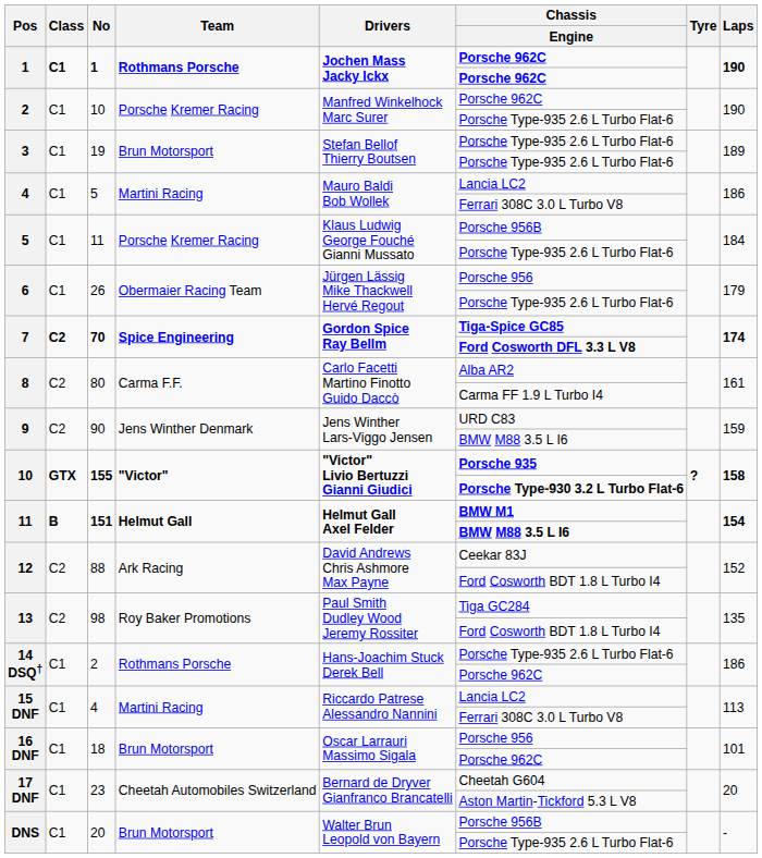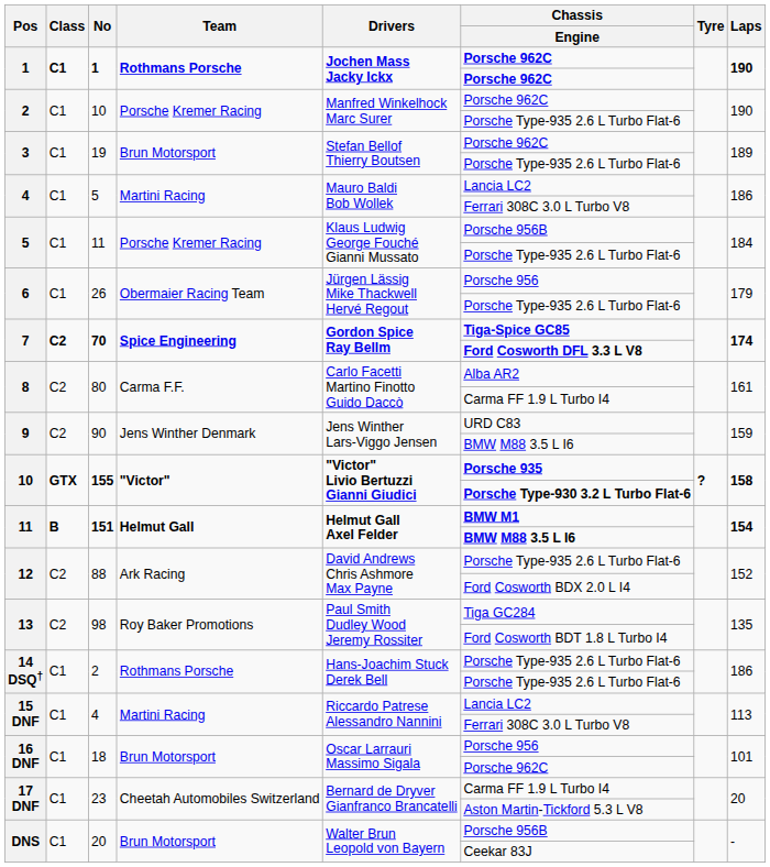 <table class="wikitable" style="font-size: 95%;">
 <tr>
 <th rowspan=2>Pos</th>
 <th rowspan=2>Class</th>
 <th rowspan=2>No</th>
 <th rowspan=2>Team</th>
 <th rowspan=2>Drivers</th>
 <th>Chassis</th>
 <th rowspan=2>Tyre</th>
 <th rowspan=2>Laps</th>
 </tr>
 <tr>
 <th>Engine</th>
 </tr>
 <tr style="font-weight:bold">
 <th rowspan=2>1</th>
 <td rowspan=2>C1</td>
 <td rowspan=2>1</td>
 <td rowspan=2> <a href='#'>Rothmans Porsche</a></td>
 <td rowspan=2> <a href='#'>Jochen Mass</a><br> <a href='#'>Jacky Ickx</a></td>
 <td><a href='#'>Porsche 962C</a></td>
 <td rowspan=2></td>
 <td rowspan=2>190</td>
 </tr>
 <tr style="font-weight:bold">
 <td><a href='#'>Porsche 962C</a></td>
 </tr>
 <tr>
 <th rowspan=2>2</th>
 <td rowspan=2>C1</td>
 <td rowspan=2>10</td>
 <td rowspan=2> <a href='#'>Porsche</a> <a href='#'>Kremer Racing</a></td>
 <td rowspan=2> <a href='#'>Manfred Winkelhock</a><br> <a href='#'>Marc Surer</a></td>
 <td><a href='#'>Porsche 962C</a></td>
 <td rowspan=2></td>
 <td rowspan=2>190</td>
 </tr>
 <tr>
 <td><a href='#'>Porsche</a> Type-935 2.6 L Turbo Flat-6</td>
 </tr>
 <tr>
 <th rowspan=2>3</th>
 <td rowspan=2>C1</td>
 <td rowspan=2>19</td>
 <td rowspan=2> <a href='#'>Brun Motorsport</a></td>
 <td rowspan=2> <a href='#'>Stefan Bellof</a><br> <a href='#'>Thierry Boutsen</a></td>
-<td><a href='#'>Porsche</a> Type-935 2.6 L Turbo Flat-6</td>
+<td><a href='#'>Porsche 962C</a></td>
 <td rowspan=2></td>
 <td rowspan=2>189</td>
 </tr>
 <tr>
 <td><a href='#'>Porsche</a> Type-935 2.6 L Turbo Flat-6</td>
 </tr>
 <tr>
 <th rowspan=2>4</th>
 <td rowspan=2>C1</td>
 <td rowspan=2>5</td>
 <td rowspan=2> <a href='#'>Martini Racing</a></td>
 <td rowspan=2> <a href='#'>Mauro Baldi</a><br> <a href='#'>Bob Wollek</a></td>
 <td><a href='#'>Lancia LC2</a></td>
 <td rowspan=2></td>
 <td rowspan=2>186</td>
 </tr>
 <tr>
 <td><a href='#'>Ferrari</a> 308C 3.0 L Turbo V8</td>
 </tr>
 <tr>
 <th rowspan=2>5</th>
 <td rowspan=2>C1</td>
 <td rowspan=2>11</td>
 <td rowspan=2> <a href='#'>Porsche</a> <a href='#'>Kremer Racing</a></td>
 <td rowspan=2> <a href='#'>Klaus Ludwig</a><br> <a href='#'>George Fouché</a><br> Gianni Mussato</td>
 <td><a href='#'>Porsche 956B</a></td>
 <td rowspan=2></td>
 <td rowspan=2>184</td>
 </tr>
 <tr>
 <td><a href='#'>Porsche</a> Type-935 2.6 L Turbo Flat-6</td>
 </tr>
 <tr>
 <th rowspan=2>6</th>
 <td rowspan=2>C1</td>
 <td rowspan=2>26</td>
 <td rowspan=2> <a href='#'>Obermaier Racing</a> Team</td>
 <td rowspan=2> <a href='#'>Jürgen Lässig</a><br> <a href='#'>Mike Thackwell</a><br> <a href='#'>Hervé Regout</a></td>
 <td><a href='#'>Porsche 956</a></td>
 <td rowspan=2></td>
 <td rowspan=2>179</td>
 </tr>
 <tr>
 <td><a href='#'>Porsche</a> Type-935 2.6 L Turbo Flat-6</td>
 </tr>
 <tr style="font-weight:bold">
 <th rowspan=2>7</th>
 <td rowspan=2>C2</td>
 <td rowspan=2>70</td>
 <td rowspan=2> <a href='#'>Spice Engineering</a></td>
 <td rowspan=2> <a href='#'>Gordon Spice</a><br> <a href='#'>Ray Bellm</a></td>
 <td><a href='#'>Tiga-Spice GC85</a></td>
 <td rowspan=2></td>
 <td rowspan=2>174</td>
 </tr>
 <tr style="font-weight:bold">
 <td><a href='#'>Ford</a> <a href='#'>Cosworth DFL</a> 3.3 L V8</td>
 </tr>
 <tr>
 <th rowspan=2>8</th>
 <td rowspan=2>C2</td>
 <td rowspan=2>80</td>
 <td rowspan=2> Carma F.F.</td>
 <td rowspan=2> <a href='#'>Carlo Facetti</a><br> Martino Finotto<br> <a href='#'>Guido Daccò</a></td>
 <td><a href='#'>Alba AR2</a></td>
 <td rowspan=2></td>
 <td rowspan=2>161</td>
 </tr>
 <tr>
 <td>Carma FF 1.9 L Turbo I4</td>
 </tr>
 <tr>
 <th rowspan=2>9</th>
 <td rowspan=2>C2</td>
 <td rowspan=2>90</td>
 <td rowspan=2> Jens Winther Denmark</td>
 <td rowspan=2> Jens Winther<br> Lars-Viggo Jensen</td>
 <td>URD C83</td>
 <td rowspan=2></td>
 <td rowspan=2>159</td>
 </tr>
 <tr>
 <td><a href='#'>BMW</a> <a href='#'>M88</a> 3.5 L I6</td>
 </tr>
 <tr style="font-weight:bold">
 <th rowspan=2>10</th>
 <td rowspan=2>GTX</td>
 <td rowspan=2>155</td>
 <td rowspan=2> "Victor"</td>
 <td rowspan=2> "Victor"<br> Livio Bertuzzi<br> <a href='#'>Gianni Giudici</a></td>
 <td><a href='#'>Porsche 935</a></td>
 <td rowspan=2>?</td>
 <td rowspan=2>158</td>
 </tr>
 <tr style="font-weight:bold">
 <td><a href='#'>Porsche</a> Type-930 3.2 L Turbo Flat-6</td>
 </tr>
 <tr style="font-weight:bold">
 <th rowspan=2>11</th>
 <td rowspan=2>B</td>
 <td rowspan=2>151</td>
 <td rowspan=2> Helmut Gall</td>
 <td rowspan=2> Helmut Gall<br> Axel Felder</td>
 <td><a href='#'>BMW M1</a></td>
 <td rowspan=2></td>
 <td rowspan=2>154</td>
 </tr>
 <tr style="font-weight:bold">
 <td><a href='#'>BMW</a> <a href='#'>M88</a> 3.5 L I6</td>
 </tr>
 <tr>
 <th rowspan=2>12</th>
 <td rowspan=2>C2</td>
 <td rowspan=2>88</td>
 <td rowspan=2> Ark Racing</td>
 <td rowspan=2> <a href='#'>David Andrews</a><br> Chris Ashmore<br> <a href='#'>Max Payne</a></td>
-<td>Ceekar 83J</td>
+<td><a href='#'>Porsche</a> Type-935 2.6 L Turbo Flat-6</td>
 <td rowspan=2></td>
 <td rowspan=2>152</td>
 </tr>
 <tr>
-<td><a href='#'>Ford</a> <a href='#'>Cosworth</a> BDT 1.8 L Turbo I4</td>
+<td><a href='#'>Ford</a> <a href='#'>Cosworth</a> BDX 2.0 L I4</td>
 </tr>
 <tr>
 <th rowspan=2>13</th>
 <td rowspan=2>C2</td>
 <td rowspan=2>98</td>
 <td rowspan=2> Roy Baker Promotions</td>
 <td rowspan=2> <a href='#'>Paul Smith</a><br> <a href='#'>Dudley Wood</a><br> <a href='#'>Jeremy Rossiter</a></td>
 <td><a href='#'>Tiga GC284</a></td>
 <td rowspan=2></td>
 <td rowspan=2>135</td>
 </tr>
 <tr>
 <td><a href='#'>Ford</a> <a href='#'>Cosworth</a> BDT 1.8 L Turbo I4</td>
 </tr>
 <tr>
 <th rowspan=2>14<br>DSQ<sup>†</sup></th>
 <td rowspan=2>C1</td>
 <td rowspan=2>2</td>
 <td rowspan=2> <a href='#'>Rothmans Porsche</a></td>
 <td rowspan=2> <a href='#'>Hans-Joachim Stuck</a><br> <a href='#'>Derek Bell</a></td>
 <td><a href='#'>Porsche</a> Type-935 2.6 L Turbo Flat-6</td>
 <td rowspan=2></td>
 <td rowspan=2>186</td>
 </tr>
 <tr>
-<td><a href='#'>Porsche 962C</a></td>
+<td><a href='#'>Porsche</a> Type-935 2.6 L Turbo Flat-6</td>
 </tr>
 <tr>
 <th rowspan=2>15<br>DNF</th>
 <td rowspan=2>C1</td>
 <td rowspan=2>4</td>
 <td rowspan=2> <a href='#'>Martini Racing</a></td>
 <td rowspan=2> <a href='#'>Riccardo Patrese</a><br> <a href='#'>Alessandro Nannini</a></td>
 <td><a href='#'>Lancia LC2</a></td>
 <td rowspan=2></td>
 <td rowspan=2>113</td>
 </tr>
 <tr>
 <td><a href='#'>Ferrari</a> 308C 3.0 L Turbo V8</td>
 </tr>
 <tr>
 <th rowspan=2>16<br>DNF</th>
 <td rowspan=2>C1</td>
 <td rowspan=2>18</td>
 <td rowspan=2> <a href='#'>Brun Motorsport</a></td>
 <td rowspan=2> <a href='#'>Oscar Larrauri</a><br> <a href='#'>Massimo Sigala</a></td>
 <td><a href='#'>Porsche 956</a></td>
 <td rowspan=2></td>
 <td rowspan=2>101</td>
 </tr>
 <tr>
 <td><a href='#'>Porsche 962C</a></td>
 </tr>
 <tr>
 <th rowspan=2>17<br>DNF</th>
 <td rowspan=2>C1</td>
 <td rowspan=2>23</td>
 <td rowspan=2> Cheetah Automobiles Switzerland</td>
 <td rowspan=2> <a href='#'>Bernard de Dryver</a><br> <a href='#'>Gianfranco Brancatelli</a></td>
-<td>Cheetah G604</td>
+<td>Carma FF 1.9 L Turbo I4</td>
 <td rowspan=2></td>
 <td rowspan=2>20</td>
 </tr>
 <tr>
 <td><a href='#'>Aston Martin</a>-<a href='#'>Tickford</a> 5.3 L V8</td>
 </tr>
 <tr>
 <th rowspan=2>DNS</th>
 <td rowspan=2>C1</td>
 <td rowspan=2>20</td>
 <td rowspan=2> <a href='#'>Brun Motorsport</a></td>
 <td rowspan=2> <a href='#'>Walter Brun</a><br> <a href='#'>Leopold von Bayern</a></td>
 <td><a href='#'>Porsche 956B</a></td>
 <td rowspan=2></td>
 <td rowspan=2>-</td>
 </tr>
 <tr>
-<td><a href='#'>Porsche</a> Type-935 2.6 L Turbo Flat-6</td>
+<td>Ceekar 83J</td>
 </tr>
 </table>
